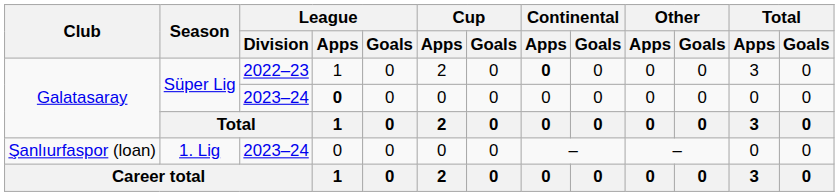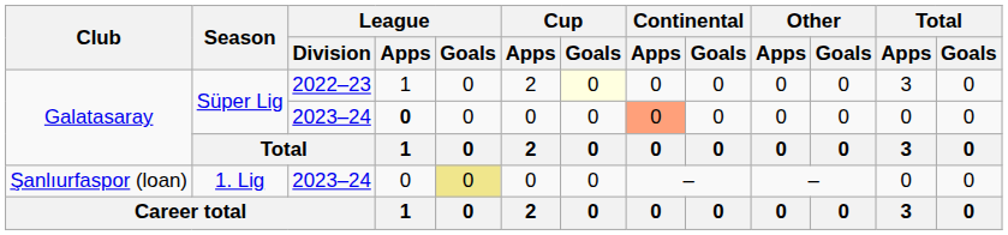 <table class="wikitable" style="text-align:center">
 <tr>
 <th rowspan="2">Club</th>
 <th rowspan="2">Season</th>
 <th colspan="3">League</th>
 <th colspan="2">Cup</th>
 <th colspan="2">Continental</th>
 <th colspan="2">Other</th>
 <th colspan="2">Total</th>
 </tr>
 <tr>
 <th>Division</th>
 <th>Apps</th>
 <th>Goals</th>
 <th>Apps</th>
 <th>Goals</th>
 <th>Apps</th>
 <th>Goals</th>
 <th>Apps</th>
 <th>Goals</th>
 <th>Apps</th>
 <th>Goals</th>
 </tr>
 <tr>
 <td rowspan="3" valign="center"><a href='#'>Galatasaray</a></td>
 <td rowspan="2"><a href='#'>Süper Lig</a></td>
 <td><a href='#'>2022–23</a></td>
 <td>1</td>
 <td>0</td>
 <td>2</td>
+<td style="background: lightyellow;">0</td>
 <td>0</td>
-<td><strong>0</strong></td>
 <td>0</td>
 <td>0</td>
 <td>0</td>
 <td>3</td>
 <td>0</td>
 </tr>
 <tr>
 <td><a href='#'>2023–24</a></td>
 <td><strong>0</strong></td>
 <td>0</td>
 <td>0</td>
 <td>0</td>
-<td>0</td>
+<td style="background: lightsalmon;">0</td>
 <td>0</td>
 <td>0</td>
 <td>0</td>
 <td>0</td>
 <td>0</td>
 </tr>
 <tr>
 <th colspan=2>Total</th>
 <th>1</th>
 <th>0</th>
 <th>2</th>
 <th>0</th>
 <th>0</th>
 <th>0</th>
 <th>0</th>
 <th>0</th>
 <th>3</th>
 <th>0</th>
 </tr>
 <tr>
 <td rowspan="1" valign="center"><a href='#'>Şanlıurfaspor</a> (loan)</td>
 <td rowspan="1"><a href='#'>1. Lig</a></td>
 <td><a href='#'>2023–24</a></td>
 <td>0</td>
-<td>0</td>
+<td style="background: khaki;">0</td>
 <td>0</td>
 <td>0</td>
 <td colspan="2">–</td>
 <td colspan="2">–</td>
 <td>0</td>
 <td>0</td>
 </tr>
 <tr>
 <th colspan="3">Career total</th>
 <th>1</th>
 <th>0</th>
 <th>2</th>
 <th>0</th>
 <th>0</th>
 <th>0</th>
 <th>0</th>
 <th>0</th>
 <th>3</th>
 <th>0</th>
 </tr>
 </table>
